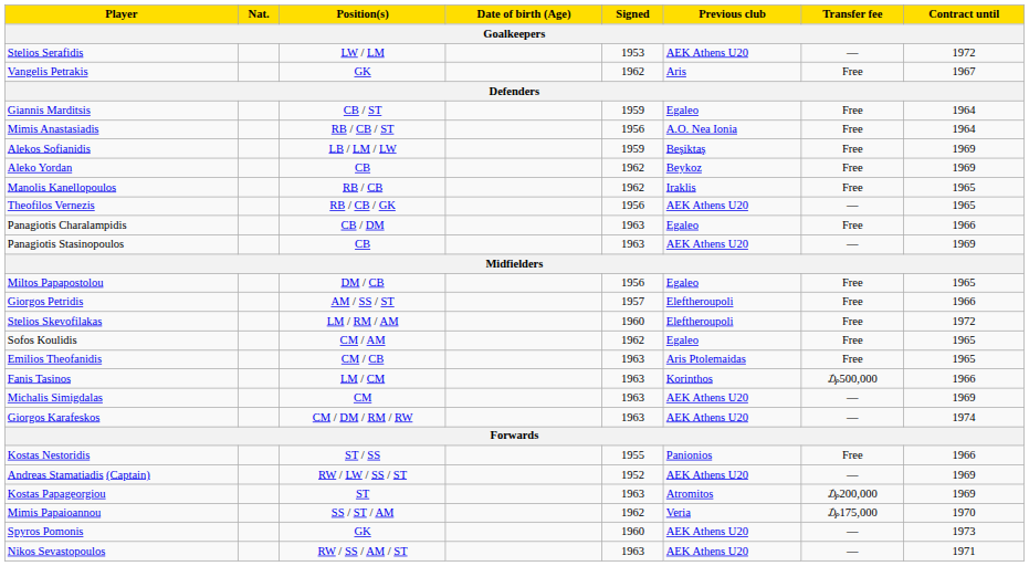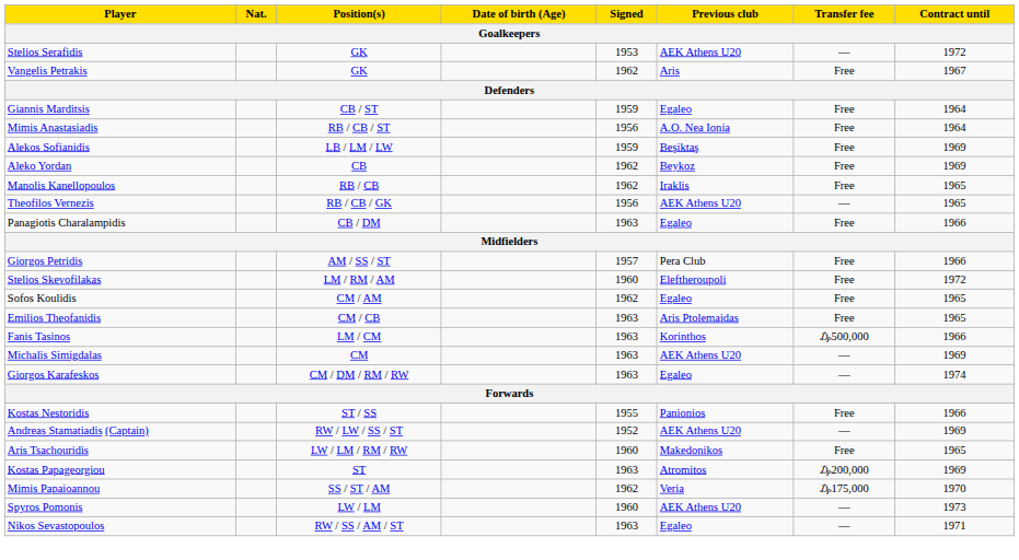 <table class="wikitable" style="text-align:center; font-size:90%;width:100%;">
 <tr>
 <th style="background:#FFDE00">Player</th>
 <th style="background:#FFDE00">Nat.</th>
 <th style="background:#FFDE00">Position(s)</th>
 <th style="background:#FFDE00">Date of birth (Age)</th>
 <th style="background:#FFDE00">Signed</th>
 <th style="background:#FFDE00">Previous club</th>
 <th style="background:#FFDE00">Transfer fee</th>
 <th style="background:#FFDE00">Contract until</th>
 </tr>
 <tr>
 <th colspan="8">Goalkeepers</th>
 </tr>
 <tr>
 <td align=left><a href='#'>Stelios Serafidis</a></td>
 <td></td>
-<td><a href='#'>LW</a> / <a href='#'>LM</a></td>
+<td><a href='#'>GK</a></td>
 <td></td>
 <td>1953</td>
 <td align=left> <a href='#'>AEK Athens U20</a></td>
 <td>—</td>
 <td>1972</td>
 </tr>
 <tr>
 <td align=left><a href='#'>Vangelis Petrakis</a></td>
 <td></td>
 <td><a href='#'>GK</a></td>
 <td></td>
 <td>1962</td>
 <td align=left> <a href='#'>Aris</a></td>
 <td>Free</td>
 <td>1967</td>
 </tr>
 <tr>
 <th colspan="8">Defenders</th>
 </tr>
 <tr>
 <td align=left><a href='#'>Giannis Marditsis</a></td>
 <td></td>
 <td><a href='#'>CB</a> / <a href='#'>ST</a></td>
 <td></td>
 <td>1959</td>
 <td align=left> <a href='#'>Egaleo</a></td>
 <td>Free</td>
 <td>1964</td>
 </tr>
 <tr>
 <td align=left><a href='#'>Mimis Anastasiadis</a></td>
 <td></td>
 <td><a href='#'>RB</a> / <a href='#'>CB</a> / <a href='#'>ST</a></td>
 <td></td>
 <td>1956</td>
 <td align=left> <a href='#'>A.O. Nea Ionia</a></td>
 <td>Free</td>
 <td>1964</td>
 </tr>
 <tr>
 <td align=left><a href='#'>Alekos Sofianidis</a></td>
 <td></td>
 <td><a href='#'>LB</a> / <a href='#'>LM</a> / <a href='#'>LW</a></td>
 <td></td>
 <td>1959</td>
 <td align=left> <a href='#'>Beşiktaş</a></td>
 <td>Free</td>
 <td>1969</td>
 </tr>
 <tr>
 <td align=left><a href='#'>Aleko Yordan</a></td>
 <td></td>
 <td><a href='#'>CB</a></td>
 <td></td>
 <td>1962</td>
 <td align=left> <a href='#'>Beykoz</a></td>
 <td>Free</td>
 <td>1969</td>
 </tr>
 <tr>
 <td align=left><a href='#'>Manolis Kanellopoulos</a></td>
 <td></td>
 <td><a href='#'>RB</a> / <a href='#'>CB</a></td>
 <td></td>
 <td>1962</td>
 <td align=left> <a href='#'>Iraklis</a></td>
 <td>Free</td>
 <td>1965</td>
 </tr>
 <tr>
 <td align=left><a href='#'>Theofilos Vernezis</a></td>
 <td></td>
 <td><a href='#'>RB</a> / <a href='#'>CB</a> / <a href='#'>GK</a></td>
 <td></td>
 <td>1956</td>
 <td align=left> <a href='#'>AEK Athens U20</a></td>
 <td>—</td>
 <td>1965</td>
 </tr>
 <tr>
 <td align=left>Panagiotis Charalampidis</td>
 <td></td>
 <td><a href='#'>CB</a> / <a href='#'>DM</a></td>
 <td></td>
 <td>1963</td>
 <td align=left> <a href='#'>Egaleo</a></td>
 <td>Free</td>
 <td>1966</td>
 </tr>
 <tr>
-<td align=left>Panagiotis Stasinopoulos</td>
-<td></td>
-<td><a href='#'>CB</a></td>
-<td></td>
-<td>1963</td>
-<td align=left> <a href='#'>AEK Athens U20</a></td>
-<td>—</td>
-<td>1969</td>
-</tr>
-<tr>
 <th colspan="8">Midfielders</th>
-</tr>
-<tr>
-<td align=left><a href='#'>Miltos Papapostolou</a></td>
-<td></td>
-<td><a href='#'>DM</a> / <a href='#'>CB</a></td>
-<td></td>
-<td>1956</td>
-<td align=left> <a href='#'>Egaleo</a></td>
-<td>Free</td>
-<td>1965</td>
 </tr>
 <tr>
 <td align=left><a href='#'>Giorgos Petridis</a></td>
 <td></td>
 <td><a href='#'>AM</a> / <a href='#'>SS</a> / <a href='#'>ST</a></td>
 <td></td>
 <td>1957</td>
-<td align=left> <a href='#'>Eleftheroupoli</a></td>
+<td align=left> Pera Club</td>
 <td>Free</td>
 <td>1966</td>
 </tr>
 <tr>
 <td align=left><a href='#'>Stelios Skevofilakas</a></td>
 <td></td>
 <td><a href='#'>LM</a> / <a href='#'>RM</a> / <a href='#'>AM</a></td>
 <td></td>
 <td>1960</td>
 <td align=left> <a href='#'>Eleftheroupoli</a></td>
 <td>Free</td>
 <td>1972</td>
 </tr>
 <tr>
 <td align=left>Sofos Koulidis</td>
 <td></td>
 <td><a href='#'>CM</a> / <a href='#'>AM</a></td>
 <td></td>
 <td>1962</td>
 <td align=left> <a href='#'>Egaleo</a></td>
 <td>Free</td>
 <td>1965</td>
 </tr>
 <tr>
 <td align=left><a href='#'>Emilios Theofanidis</a></td>
 <td></td>
 <td><a href='#'>CM</a> / <a href='#'>CB</a></td>
 <td></td>
 <td>1963</td>
 <td align=left> <a href='#'>Aris Ptolemaidas</a></td>
 <td>Free</td>
 <td>1965</td>
 </tr>
 <tr>
 <td align=left><a href='#'>Fanis Tasinos</a></td>
 <td></td>
 <td><a href='#'>LM</a> / <a href='#'>CM</a></td>
 <td></td>
 <td>1963</td>
 <td align=left> <a href='#'>Korinthos</a></td>
 <td>₯500,000</td>
 <td>1966</td>
 </tr>
 <tr>
 <td align=left><a href='#'>Michalis Simigdalas</a></td>
 <td></td>
 <td><a href='#'>CM</a></td>
 <td></td>
 <td>1963</td>
 <td align=left> <a href='#'>AEK Athens U20</a></td>
 <td>—</td>
 <td>1969</td>
 </tr>
 <tr>
 <td align=left><a href='#'>Giorgos Karafeskos</a></td>
 <td></td>
 <td><a href='#'>CM</a> / <a href='#'>DM</a> / <a href='#'>RM</a> / <a href='#'>RW</a></td>
 <td></td>
 <td>1963</td>
-<td align=left> <a href='#'>AEK Athens U20</a></td>
+<td align=left> <a href='#'>Egaleo</a></td>
 <td>—</td>
 <td>1974</td>
 </tr>
 <tr>
 <th colspan="8">Forwards</th>
 </tr>
 <tr>
 <td align=left><a href='#'>Kostas Nestoridis</a></td>
 <td></td>
 <td><a href='#'>ST</a> / <a href='#'>SS</a></td>
 <td></td>
 <td>1955</td>
 <td align=left> <a href='#'>Panionios</a></td>
 <td>Free</td>
 <td>1966</td>
 </tr>
 <tr>
 <td align=left><a href='#'>Andreas Stamatiadis</a> <a href='#'>(Captain)</a></td>
 <td></td>
 <td><a href='#'>RW</a> / <a href='#'>LW</a> / <a href='#'>SS</a> / <a href='#'>ST</a></td>
 <td></td>
 <td>1952</td>
 <td align=left> <a href='#'>AEK Athens U20</a></td>
 <td>—</td>
 <td>1969</td>
 </tr>
 <tr>
+<td align=left><a href='#'>Aris Tsachouridis</a></td>
+<td></td>
+<td><a href='#'>LW</a> / <a href='#'>LM</a> / <a href='#'>RM</a> / <a href='#'>RW</a></td>
+<td></td>
+<td>1960</td>
+<td align=left> <a href='#'>Makedonikos</a></td>
+<td>Free</td>
+<td>1965</td>
+</tr>
+<tr>
 <td align=left><a href='#'>Kostas Papageorgiou</a></td>
 <td></td>
 <td><a href='#'>ST</a></td>
 <td></td>
 <td>1963</td>
 <td align=left> <a href='#'>Atromitos</a></td>
 <td>₯200,000</td>
 <td>1969</td>
 </tr>
 <tr>
 <td align=left><a href='#'>Mimis Papaioannou</a></td>
 <td></td>
 <td><a href='#'>SS</a> / <a href='#'>ST</a> / <a href='#'>AM</a></td>
 <td></td>
 <td>1962</td>
 <td align=left> <a href='#'>Veria</a></td>
 <td>₯175,000</td>
 <td>1970</td>
 </tr>
 <tr>
 <td align=left><a href='#'>Spyros Pomonis</a></td>
 <td></td>
-<td><a href='#'>GK</a></td>
+<td><a href='#'>LW</a> / <a href='#'>LM</a></td>
 <td></td>
 <td>1960</td>
 <td align=left> <a href='#'>AEK Athens U20</a></td>
 <td>—</td>
 <td>1973</td>
 </tr>
 <tr>
 <td align=left><a href='#'>Nikos Sevastopoulos</a></td>
 <td></td>
 <td><a href='#'>RW</a> / <a href='#'>SS</a> / <a href='#'>AM</a> / <a href='#'>ST</a></td>
 <td></td>
 <td>1963</td>
-<td align=left> <a href='#'>AEK Athens U20</a></td>
+<td align=left> <a href='#'>Egaleo</a></td>
 <td>—</td>
 <td>1971</td>
 </tr>
 </table>
